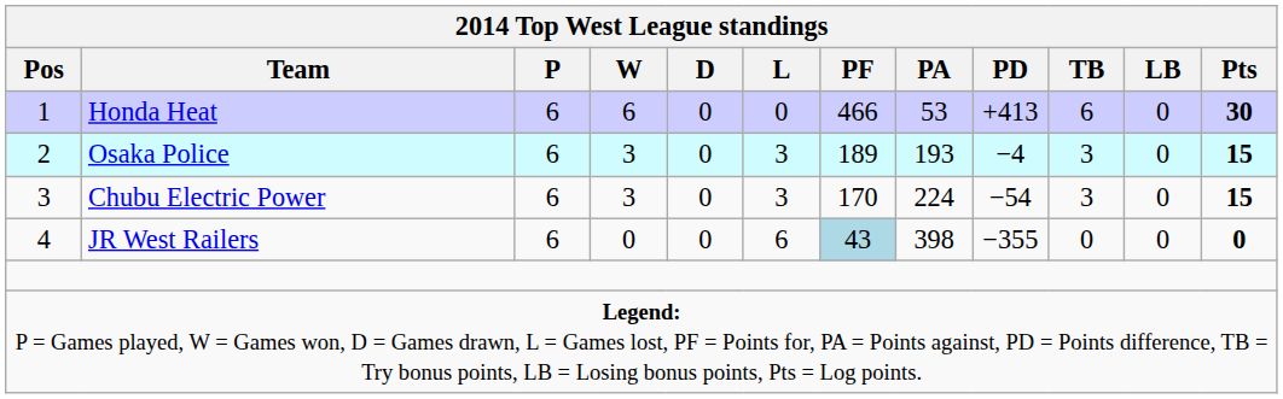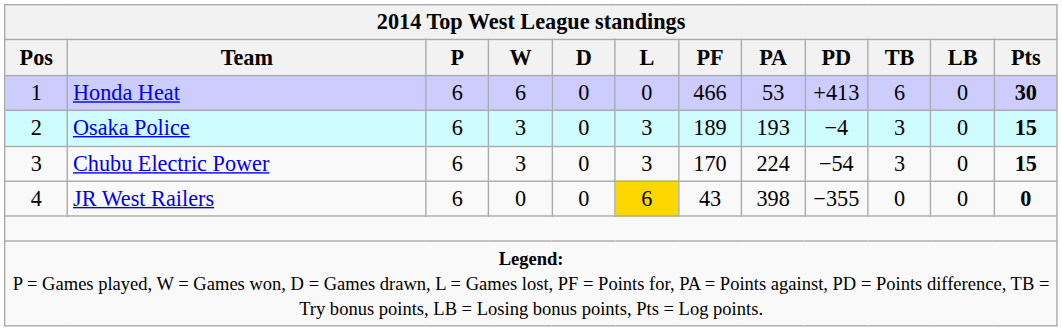 <table class="wikitable" style="text-align:center; font-size:100%; width:60%;">
 <tr>
 <th colspan="100%" cellpadding="0" cellspacing="0"><strong>2014 Top West League standings</strong></th>
 </tr>
 <tr>
 <th style="width:6%;">Pos</th>
 <th style="width:34%;">Team</th>
 <th style="width:6%;">P</th>
 <th style="width:6%;">W</th>
 <th style="width:6%;">D</th>
 <th style="width:6%;">L</th>
 <th style="width:6%;">PF</th>
 <th style="width:6%;">PA</th>
 <th style="width:6%;">PD</th>
 <th style="width:6%;">TB</th>
 <th style="width:6%;">LB</th>
 <th style="width:6%;">Pts<br></th>
 </tr>
 <tr style="background:#CCCCFF;">
 <td>1</td>
 <td style="text-align:left;"><a href='#'>Honda Heat</a></td>
 <td>6</td>
 <td>6</td>
 <td>0</td>
 <td>0</td>
 <td>466</td>
 <td>53</td>
 <td>+413</td>
 <td>6</td>
 <td>0</td>
 <td><strong>30</strong></td>
 </tr>
 <tr style="background:#CFFCFF;">
 <td>2</td>
 <td style="text-align:left;"><a href='#'>Osaka Police</a></td>
 <td>6</td>
 <td>3</td>
 <td>0</td>
 <td>3</td>
 <td>189</td>
 <td>193</td>
 <td>−4</td>
 <td>3</td>
 <td>0</td>
 <td><strong>15</strong></td>
 </tr>
 <tr>
 <td>3</td>
 <td style="text-align:left;"><a href='#'>Chubu Electric Power</a></td>
 <td>6</td>
 <td>3</td>
 <td>0</td>
 <td>3</td>
 <td>170</td>
 <td>224</td>
 <td>−54</td>
 <td>3</td>
 <td>0</td>
 <td><strong>15</strong></td>
 </tr>
 <tr>
 <td>4</td>
 <td style="text-align:left;"><a href='#'>JR West Railers</a></td>
 <td>6</td>
 <td>0</td>
 <td>0</td>
-<td>6</td>
-<td style="background: lightblue;">43</td>
+<td style="background: gold;">6</td>
+<td>43</td>
 <td>398</td>
 <td>−355</td>
 <td>0</td>
 <td>0</td>
 <td><strong>0</strong></td>
 </tr>
 <tr>
 <td colspan="100%" style="height:10px;"></td>
 </tr>
 <tr>
 <td colspan="100%"><small><strong>Legend:</strong> <br> P = Games played, W = Games won, D = Games drawn, L = Games lost, PF = Points for, PA = Points against, PD = Points difference, TB = Try bonus points, LB = Losing bonus points, Pts = Log points.</small></td>
 </tr>
 </table>
